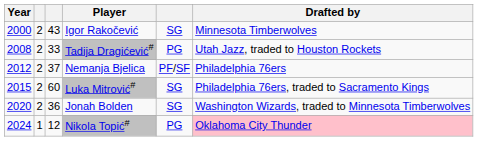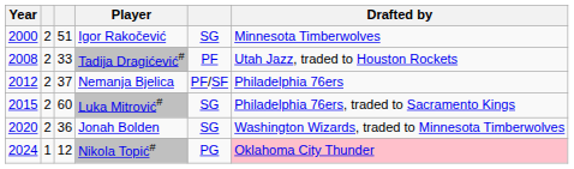 <table class="wikitable sortable" style="text-align: left;">
 <tr>
 <th>Year</th>
 <th></th>
 <th></th>
 <th>Player</th>
 <th></th>
 <th>Drafted by</th>
 </tr>
 <tr>
 <td style="text-align:center;"><a href='#'>2000</a></td>
 <td style="text-align:center;">2</td>
-<td style="text-align:center;">43</td>
+<td style="text-align:center;">51</td>
 <td> <a href='#'>Igor Rakočević</a></td>
 <td style="text-align:center;"><a href='#'>SG</a></td>
 <td><a href='#'>Minnesota Timberwolves</a></td>
 </tr>
 <tr>
 <td style="text-align:center;"><a href='#'>2008</a></td>
 <td style="text-align:center;">2</td>
 <td style="text-align:center;">33</td>
 <td style="background:silver;"> <a href='#'>Tadija Dragićević</a><sup>#</sup></td>
-<td style="text-align:center;"><a href='#'>PG</a></td>
+<td style="text-align:center;"><a href='#'>PF</a></td>
 <td><a href='#'>Utah Jazz</a>, traded to <a href='#'>Houston Rockets</a></td>
 </tr>
 <tr>
 <td style="text-align:center;"><a href='#'>2012</a></td>
 <td style="text-align:center;">2</td>
 <td style="text-align:center;">37</td>
 <td> <a href='#'>Nemanja Bjelica</a></td>
 <td style="text-align:center;"><a href='#'>PF</a>/<a href='#'>SF</a></td>
 <td><a href='#'>Philadelphia 76ers</a></td>
 </tr>
 <tr>
 <td style="text-align:center;"><a href='#'>2015</a></td>
 <td style="text-align:center;">2</td>
 <td style="text-align:center;">60</td>
 <td style="background:silver;"> <a href='#'>Luka Mitrović</a><sup>#</sup></td>
 <td style="text-align:center;"><a href='#'>SG</a></td>
 <td><a href='#'>Philadelphia 76ers</a>, traded to <a href='#'>Sacramento Kings</a></td>
 </tr>
 <tr>
 <td style="text-align:center;"><a href='#'>2020</a></td>
 <td style="text-align:center;">2</td>
 <td style="text-align:center;">36</td>
 <td> <a href='#'>Jonah Bolden</a></td>
 <td style="text-align:center;"><a href='#'>SG</a></td>
 <td><a href='#'>Washington Wizards</a>, traded to <a href='#'>Minnesota Timberwolves</a></td>
 </tr>
 <tr>
 <td style="text-align:center;"><a href='#'>2024</a></td>
 <td style="text-align:center;">1</td>
 <td style="text-align:center;">12</td>
 <td style="background:silver;"> <a href='#'>Nikola Topić</a><sup>#</sup></td>
 <td style="text-align:center;"><a href='#'>PG</a></td>
 <td style="background: pink;"><a href='#'>Oklahoma City Thunder</a></td>
 </tr>
 </table>
